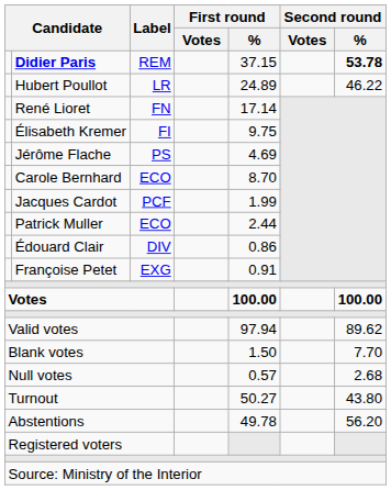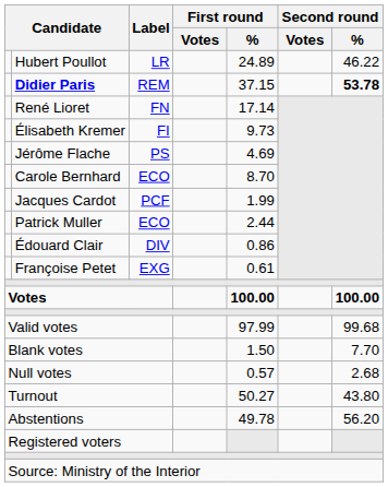 <table class="wikitable" style="text-align:right;font-size:95%;">
 <tr>
 <th rowspan="2" colspan="2">Candidate</th>
 <th rowspan="2">Label</th>
 <th colspan="2">First round</th>
 <th colspan="2">Second round</th>
 </tr>
 <tr>
 <th style="width:50px;">Votes</th>
 <th style="width:45px;">%</th>
 <th style="width:50px;">Votes</th>
 <th style="width:45px;">%</th>
 </tr>
 <tr>
 <td style="color:inherit;background:"></td>
+<td style="text-align:left;">Hubert Poullot</td>
+<td><a href='#'>LR</a></td>
+<td></td>
+<td>24.89</td>
+<td></td>
+<td>46.22</td>
+</tr>
+<tr>
+<td style="color:inherit;background:"></td>
 <td style="text-align:left;"><strong><a href='#'>Didier Paris</a></strong></td>
 <td><a href='#'>REM</a></td>
 <td></td>
 <td>37.15</td>
 <td><strong></strong></td>
 <td><strong>53.78</strong></td>
-</tr>
-<tr>
-<td style="color:inherit;background:"></td>
-<td style="text-align:left;">Hubert Poullot</td>
-<td><a href='#'>LR</a></td>
-<td></td>
-<td>24.89</td>
-<td></td>
-<td>46.22</td>
 </tr>
 <tr>
 <td style="color:inherit;background:"></td>
 <td style="text-align:left;">René Lioret</td>
 <td><a href='#'>FN</a></td>
 <td></td>
 <td>17.14</td>
 <td colspan="2" rowspan="8" style="background:#E9E9E9;"></td>
 </tr>
 <tr>
 <td style="color:inherit;background:"></td>
 <td style="text-align:left;">Élisabeth Kremer</td>
 <td><a href='#'>FI</a></td>
 <td></td>
-<td>9.75</td>
+<td>9.73</td>
 </tr>
 <tr>
 <td style="color:inherit;background:"></td>
 <td style="text-align:left;">Jérôme Flache</td>
 <td><a href='#'>PS</a></td>
 <td></td>
 <td>4.69</td>
 </tr>
 <tr>
 <td style="color:inherit;background:"></td>
 <td style="text-align:left;">Carole Bernhard</td>
 <td><a href='#'>ECO</a></td>
 <td></td>
 <td>8.70</td>
 </tr>
 <tr>
 <td style="color:inherit;background:"></td>
 <td style="text-align:left;">Jacques Cardot</td>
 <td><a href='#'>PCF</a></td>
 <td></td>
 <td>1.99</td>
 </tr>
 <tr>
 <td style="color:inherit;background:"></td>
 <td style="text-align:left;">Patrick Muller</td>
 <td><a href='#'>ECO</a></td>
 <td></td>
 <td>2.44</td>
 </tr>
 <tr>
 <td style="color:inherit;background:"></td>
 <td style="text-align:left;">Édouard Clair</td>
 <td><a href='#'>DIV</a></td>
 <td></td>
 <td>0.86</td>
 </tr>
 <tr>
 <td style="color:inherit;background:"></td>
 <td style="text-align:left;">Françoise Petet</td>
 <td><a href='#'>EXG</a></td>
 <td></td>
-<td>0.91</td>
+<td>0.61</td>
 </tr>
 <tr>
 <td colspan="7" style="background:#E9E9E9;"></td>
 </tr>
 <tr style="font-weight:bold;">
 <td colspan="3" style="text-align:left;">Votes</td>
 <td></td>
 <td>100.00</td>
 <td></td>
 <td>100.00</td>
 </tr>
 <tr>
 <td colspan="7" style="background:#E9E9E9;"></td>
 </tr>
 <tr>
 <td colspan="3" style="text-align:left;">Valid votes</td>
 <td></td>
-<td>97.94</td>
+<td>97.99</td>
 <td></td>
-<td>89.62</td>
+<td>99.68</td>
 </tr>
 <tr>
 <td colspan="3" style="text-align:left;">Blank votes</td>
 <td></td>
 <td>1.50</td>
 <td></td>
 <td>7.70</td>
 </tr>
 <tr>
 <td colspan="3" style="text-align:left;">Null votes</td>
 <td></td>
 <td>0.57</td>
 <td></td>
 <td>2.68</td>
 </tr>
 <tr>
 <td colspan="3" style="text-align:left;">Turnout</td>
 <td></td>
 <td>50.27</td>
 <td></td>
 <td>43.80</td>
 </tr>
 <tr>
 <td colspan="3" style="text-align:left;">Abstentions</td>
 <td></td>
 <td>49.78</td>
 <td></td>
 <td>56.20</td>
 </tr>
 <tr>
 <td colspan="3" style="text-align:left;">Registered voters</td>
 <td></td>
 <td style="color:inherit;background:#E9E9E9;"></td>
 <td></td>
 <td style="color:inherit;background:#E9E9E9;"></td>
 </tr>
 <tr>
 <td colspan="7" style="background:#E9E9E9;"></td>
 </tr>
 <tr>
 <td colspan="7" style="text-align:left;">Source: Ministry of the Interior</td>
 </tr>
 </table>
